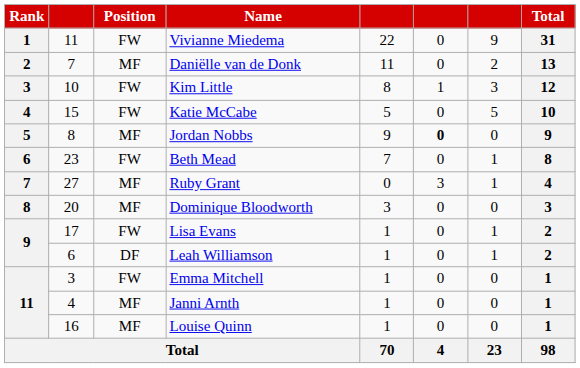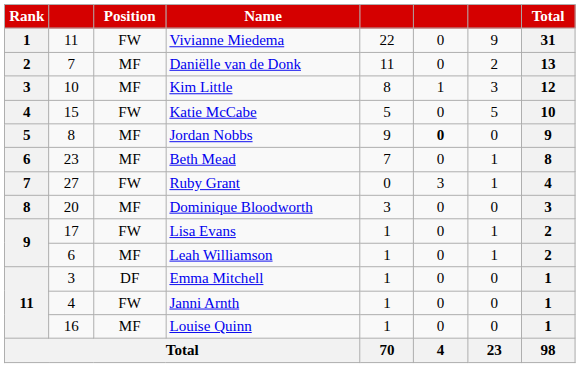 <table class="wikitable" style="text-align:center; font-size:100%; ">
 <tr>
 <th style="background:#d50000; color:white; text-align:center; width:40px">Rank</th>
 <th style="background:#d50000; color:white; text-align:center; width:40px"></th>
 <th style="background:#d50000; color:white; text-align:center; width:70px">Position</th>
 <th style="background:#d50000; color:white; text-align:center; width:200px">Name</th>
 <th style="background:#d50000; color:white; text-align:center; width:50px;"><a href='#'></a></th>
 <th style="background:#d50000; color:white; text-align:center; width:50px;"><a href='#'></a></th>
 <th style="background:#d50000; color:white; text-align:center; width:50px;"><a href='#'></a></th>
 <th style="background:#d50000; color:white; text-align:center; width:50px;">Total</th>
 </tr>
 <tr>
 <th>1</th>
 <td>11</td>
 <td>FW</td>
 <td style="text-align:left;"> <a href='#'>Vivianne Miedema</a></td>
 <td>22</td>
 <td>0</td>
 <td>9</td>
 <th>31</th>
 </tr>
 <tr>
 <th>2</th>
 <td>7</td>
 <td>MF</td>
 <td style="text-align:left;"> <a href='#'>Daniëlle van de Donk</a></td>
 <td>11</td>
 <td>0</td>
 <td>2</td>
 <th>13</th>
 </tr>
 <tr>
 <th>3</th>
 <td>10</td>
-<td>FW</td>
+<td>MF</td>
 <td style="text-align:left;"> <a href='#'>Kim Little</a></td>
 <td>8</td>
 <td>1</td>
 <td>3</td>
 <th>12</th>
 </tr>
 <tr>
 <th>4</th>
 <td>15</td>
 <td>FW</td>
 <td style="text-align:left;"> <a href='#'>Katie McCabe</a></td>
 <td>5</td>
 <td>0</td>
 <td>5</td>
 <th>10</th>
 </tr>
 <tr>
 <th>5</th>
 <td>8</td>
 <td>MF</td>
 <td style="text-align:left;"> <a href='#'>Jordan Nobbs</a></td>
 <td>9</td>
 <td><strong>0</strong></td>
 <td>0</td>
 <th>9</th>
 </tr>
 <tr>
 <th>6</th>
 <td>23</td>
-<td>FW</td>
+<td>MF</td>
 <td style="text-align:left;"> <a href='#'>Beth Mead</a></td>
 <td>7</td>
 <td>0</td>
 <td>1</td>
 <th>8</th>
 </tr>
 <tr>
 <th>7</th>
 <td>27</td>
-<td>MF</td>
+<td>FW</td>
 <td style="text-align:left;"> <a href='#'>Ruby Grant</a></td>
 <td>0</td>
 <td>3</td>
 <td>1</td>
 <th>4</th>
 </tr>
 <tr>
 <th>8</th>
 <td>20</td>
 <td>MF</td>
 <td style="text-align:left;"> <a href='#'>Dominique Bloodworth</a></td>
 <td>3</td>
 <td>0</td>
 <td>0</td>
 <th>3</th>
 </tr>
 <tr>
 <th rowspan="2">9</th>
 <td>17</td>
 <td>FW</td>
 <td style="text-align:left;"> <a href='#'>Lisa Evans</a></td>
 <td>1</td>
 <td>0</td>
 <td>1</td>
 <th>2</th>
 </tr>
 <tr>
 <td>6</td>
-<td>DF</td>
+<td>MF</td>
 <td style="text-align:left;"> <a href='#'>Leah Williamson</a></td>
 <td>1</td>
 <td>0</td>
 <td>1</td>
 <th>2</th>
 </tr>
 <tr>
 <th rowspan="3">11</th>
 <td>3</td>
-<td>FW</td>
+<td>DF</td>
 <td style="text-align:left;"> <a href='#'>Emma Mitchell</a></td>
 <td>1</td>
 <td>0</td>
 <td>0</td>
 <th>1</th>
 </tr>
 <tr>
 <td>4</td>
-<td>MF</td>
+<td>FW</td>
 <td style="text-align:left;"> <a href='#'>Janni Arnth</a></td>
 <td>1</td>
 <td>0</td>
 <td>0</td>
 <th>1</th>
 </tr>
 <tr>
 <td>16</td>
 <td>MF</td>
 <td style="text-align:left;"> <a href='#'>Louise Quinn</a></td>
 <td>1</td>
 <td>0</td>
 <td>0</td>
 <th>1</th>
 </tr>
 <tr>
 <th colspan="4">Total</th>
 <th>70</th>
 <th>4</th>
 <th>23</th>
 <th>98</th>
 </tr>
 </table>
